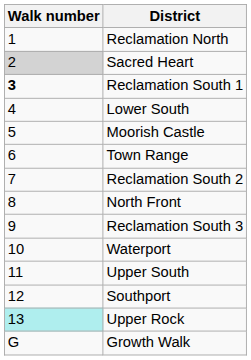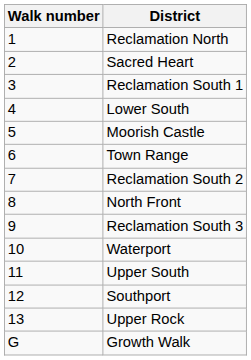 <table class="wikitable">
 <tr>
 <th>Walk number</th>
 <th>District</th>
 </tr>
 <tr>
 <td>1</td>
 <td>Reclamation North</td>
 </tr>
 <tr>
-<td style="background: lightgrey;">2</td>
+<td>2</td>
 <td>Sacred Heart</td>
 </tr>
 <tr>
-<td><strong>3</strong></td>
+<td>3</td>
 <td>Reclamation South 1</td>
 </tr>
 <tr>
 <td>4</td>
 <td>Lower South</td>
 </tr>
 <tr>
 <td>5</td>
 <td>Moorish Castle</td>
 </tr>
 <tr>
 <td>6</td>
 <td>Town Range</td>
 </tr>
 <tr>
 <td>7</td>
 <td>Reclamation South 2</td>
 </tr>
 <tr>
 <td>8</td>
 <td>North Front</td>
 </tr>
 <tr>
 <td>9</td>
 <td>Reclamation South 3</td>
 </tr>
 <tr>
 <td>10</td>
 <td>Waterport</td>
 </tr>
 <tr>
 <td>11</td>
 <td>Upper South</td>
 </tr>
 <tr>
 <td>12</td>
 <td>Southport</td>
 </tr>
 <tr>
-<td style="background: paleturquoise;">13</td>
+<td>13</td>
 <td>Upper Rock</td>
 </tr>
 <tr>
 <td>G</td>
 <td>Growth Walk</td>
 </tr>
 </table>
